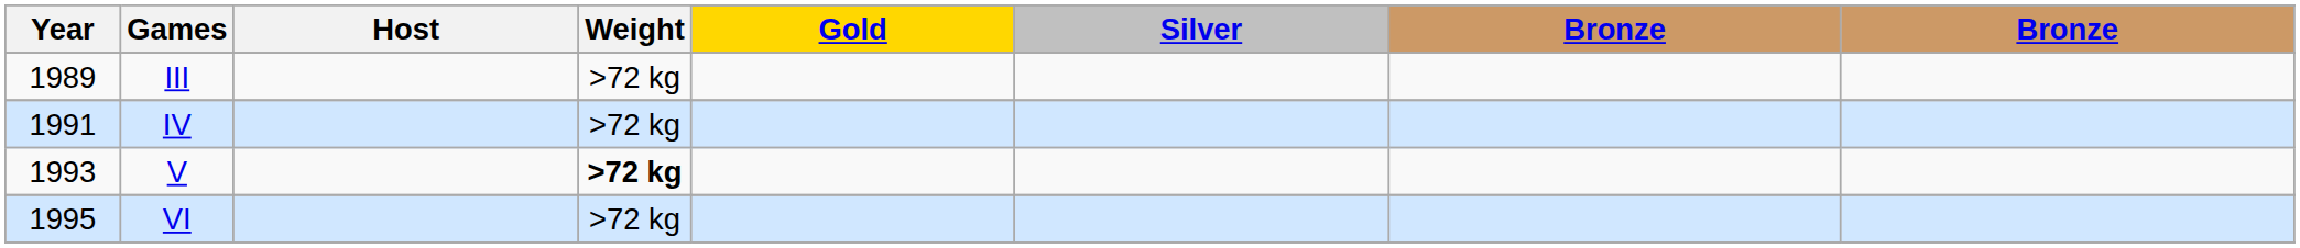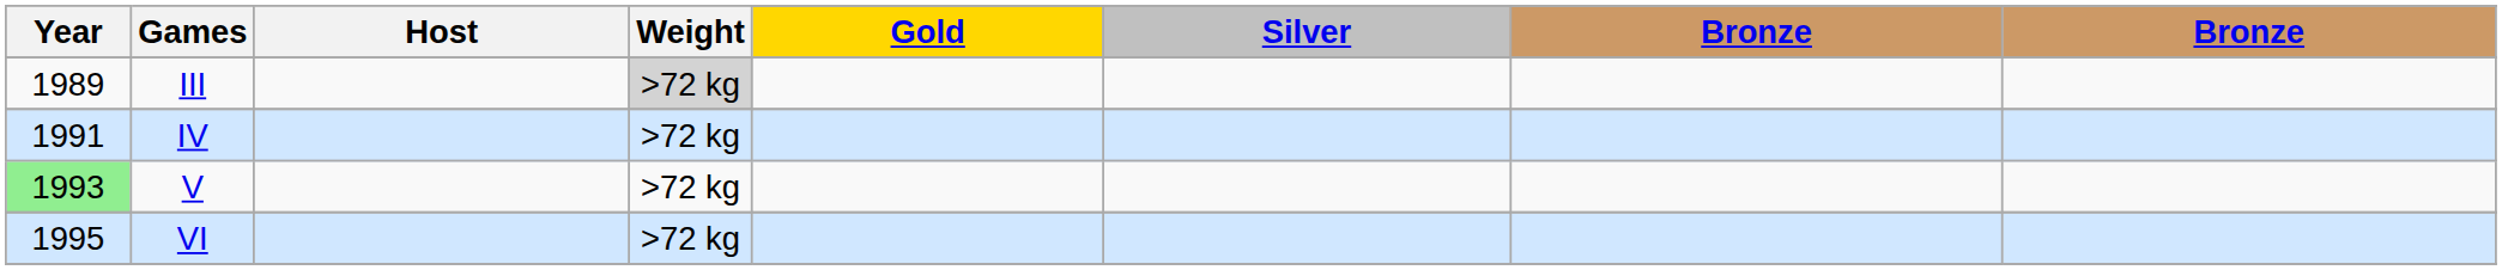 <table class="wikitable" style="text-align: center; font-size:95%;">
 <tr>
 <th rowspan="2" style="width:5%;">Year</th>
 <th rowspan="2" style="width:5%;">Games</th>
 <th rowspan="2" style="width:15%;">Host</th>
 <th rowspan="2" style="width:5%;">Weight</th>
 </tr>
 <tr>
 <th style="background-color: gold"><a href='#'>Gold</a></th>
 <th style="background-color: silver"><a href='#'>Silver</a></th>
 <th style="background-color: #CC9966"><a href='#'>Bronze</a></th>
 <th style="background-color: #CC9966"><a href='#'>Bronze</a></th>
 </tr>
 <tr>
 </tr>
 <tr>
 <td>1989</td>
 <td align=center><a href='#'>III</a></td>
 <td align="left"></td>
-<td>>72 kg</td>
+<td style="background: lightgrey;">>72 kg</td>
 <td align="left"></td>
 <td align="left"></td>
 <td></td>
 <td></td>
 </tr>
 <tr>
 </tr>
 <tr style="text-align:center; background:#d0e7ff;">
 <td>1991</td>
 <td align=center><a href='#'>IV</a></td>
 <td align="left"></td>
 <td>>72 kg</td>
 <td align="left"></td>
 <td align="left"></td>
 <td align="left"></td>
 <td></td>
 </tr>
 <tr>
-<td>1993</td>
+<td style="background: lightgreen;">1993</td>
 <td align=center><a href='#'>V</a></td>
 <td align="left"></td>
-<td><strong>>72 kg</strong></td>
+<td>>72 kg</td>
 <td align="left"></td>
 <td align="left"></td>
 <td align="left"></td>
 <td></td>
 </tr>
 <tr>
 </tr>
 <tr style="text-align:center; background:#d0e7ff;">
 <td>1995</td>
 <td align=center><a href='#'>VI</a></td>
 <td align="left"></td>
 <td>>72 kg</td>
 <td align="left"></td>
 <td align="left"></td>
 <td align="left"></td>
 <td></td>
 </tr>
 <tr>
 </tr>
 </table>
